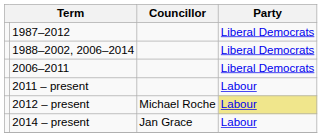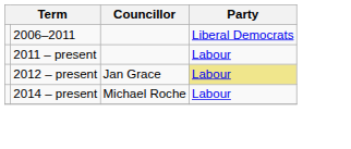 <table class="wikitable">
 <tr>
 <th colspan=2>Term</th>
 <th>Councillor</th>
 <th>Party</th>
-</tr>
-<tr>
-<td style="background-color: "></td>
-<td>1987–2012</td>
-<td></td>
-<td><a href='#'>Liberal Democrats</a></td>
-</tr>
-<tr>
-<td style="background-color: "></td>
-<td>1988–2002, 2006–2014</td>
-<td></td>
-<td><a href='#'>Liberal Democrats</a></td>
 </tr>
 <tr>
 <td style="background-color: "></td>
 <td>2006–2011</td>
 <td></td>
 <td><a href='#'>Liberal Democrats</a></td>
 </tr>
 <tr>
 <td style="background-color: "></td>
 <td>2011 – present</td>
 <td></td>
 <td><a href='#'>Labour</a></td>
 </tr>
 <tr>
 <td style="background-color: "></td>
 <td>2012 – present</td>
-<td>Michael Roche</td>
+<td>Jan Grace</td>
 <td style="background: khaki;"><a href='#'>Labour</a></td>
 </tr>
 <tr>
 <td style="background-color: "></td>
 <td>2014 – present</td>
-<td>Jan Grace</td>
+<td>Michael Roche</td>
 <td><a href='#'>Labour</a></td>
 </tr>
 <tr>
 </tr>
 </table>
